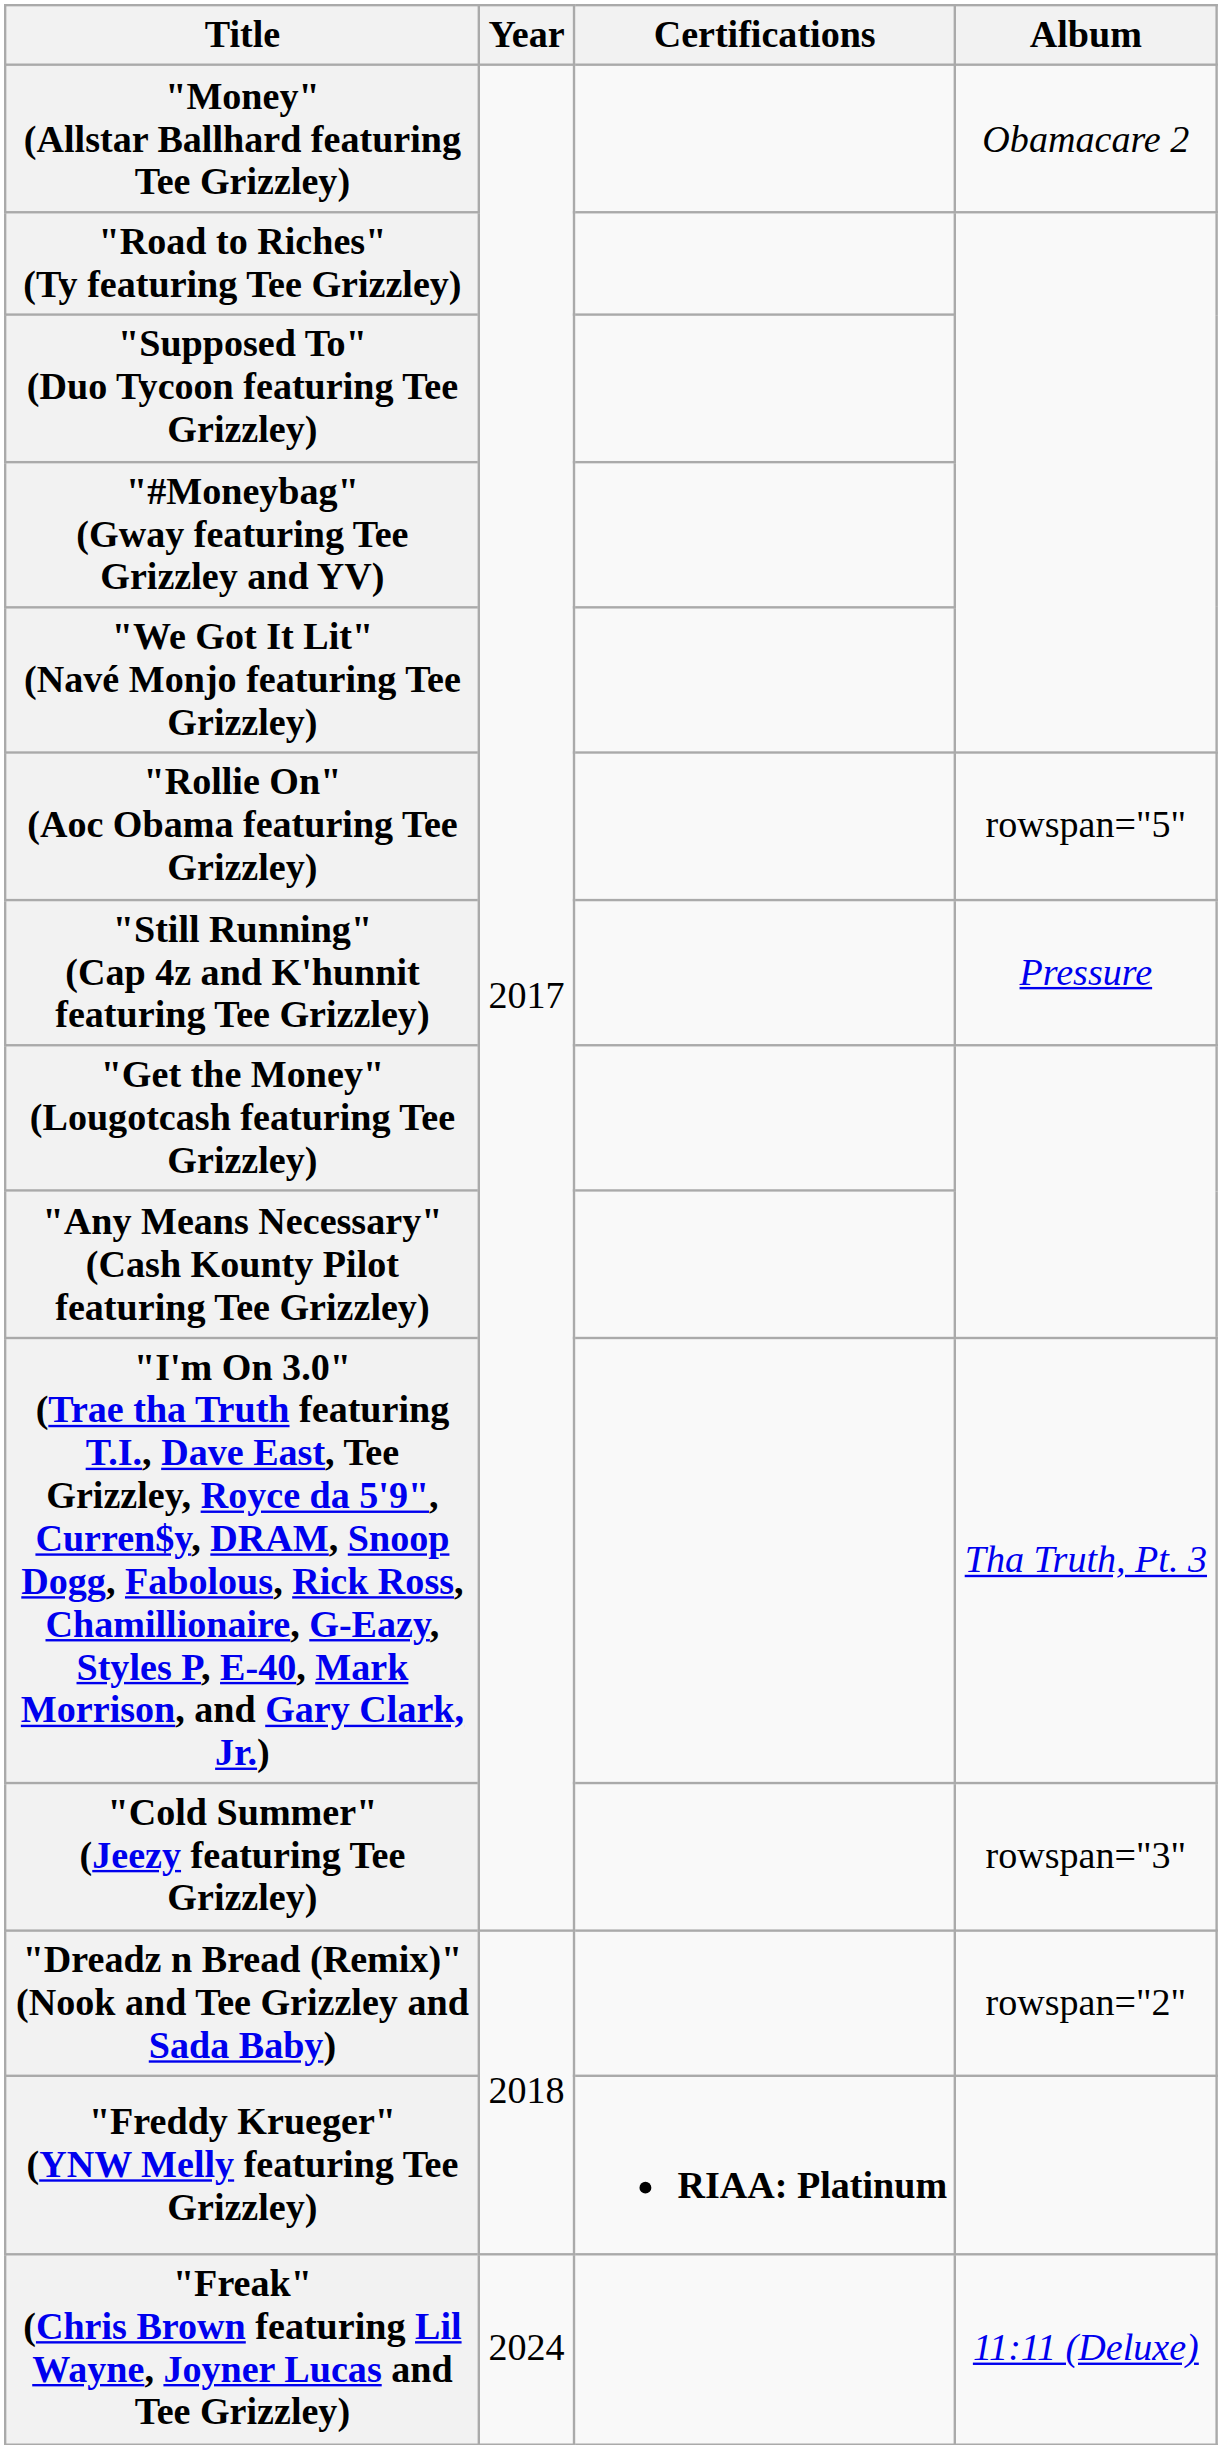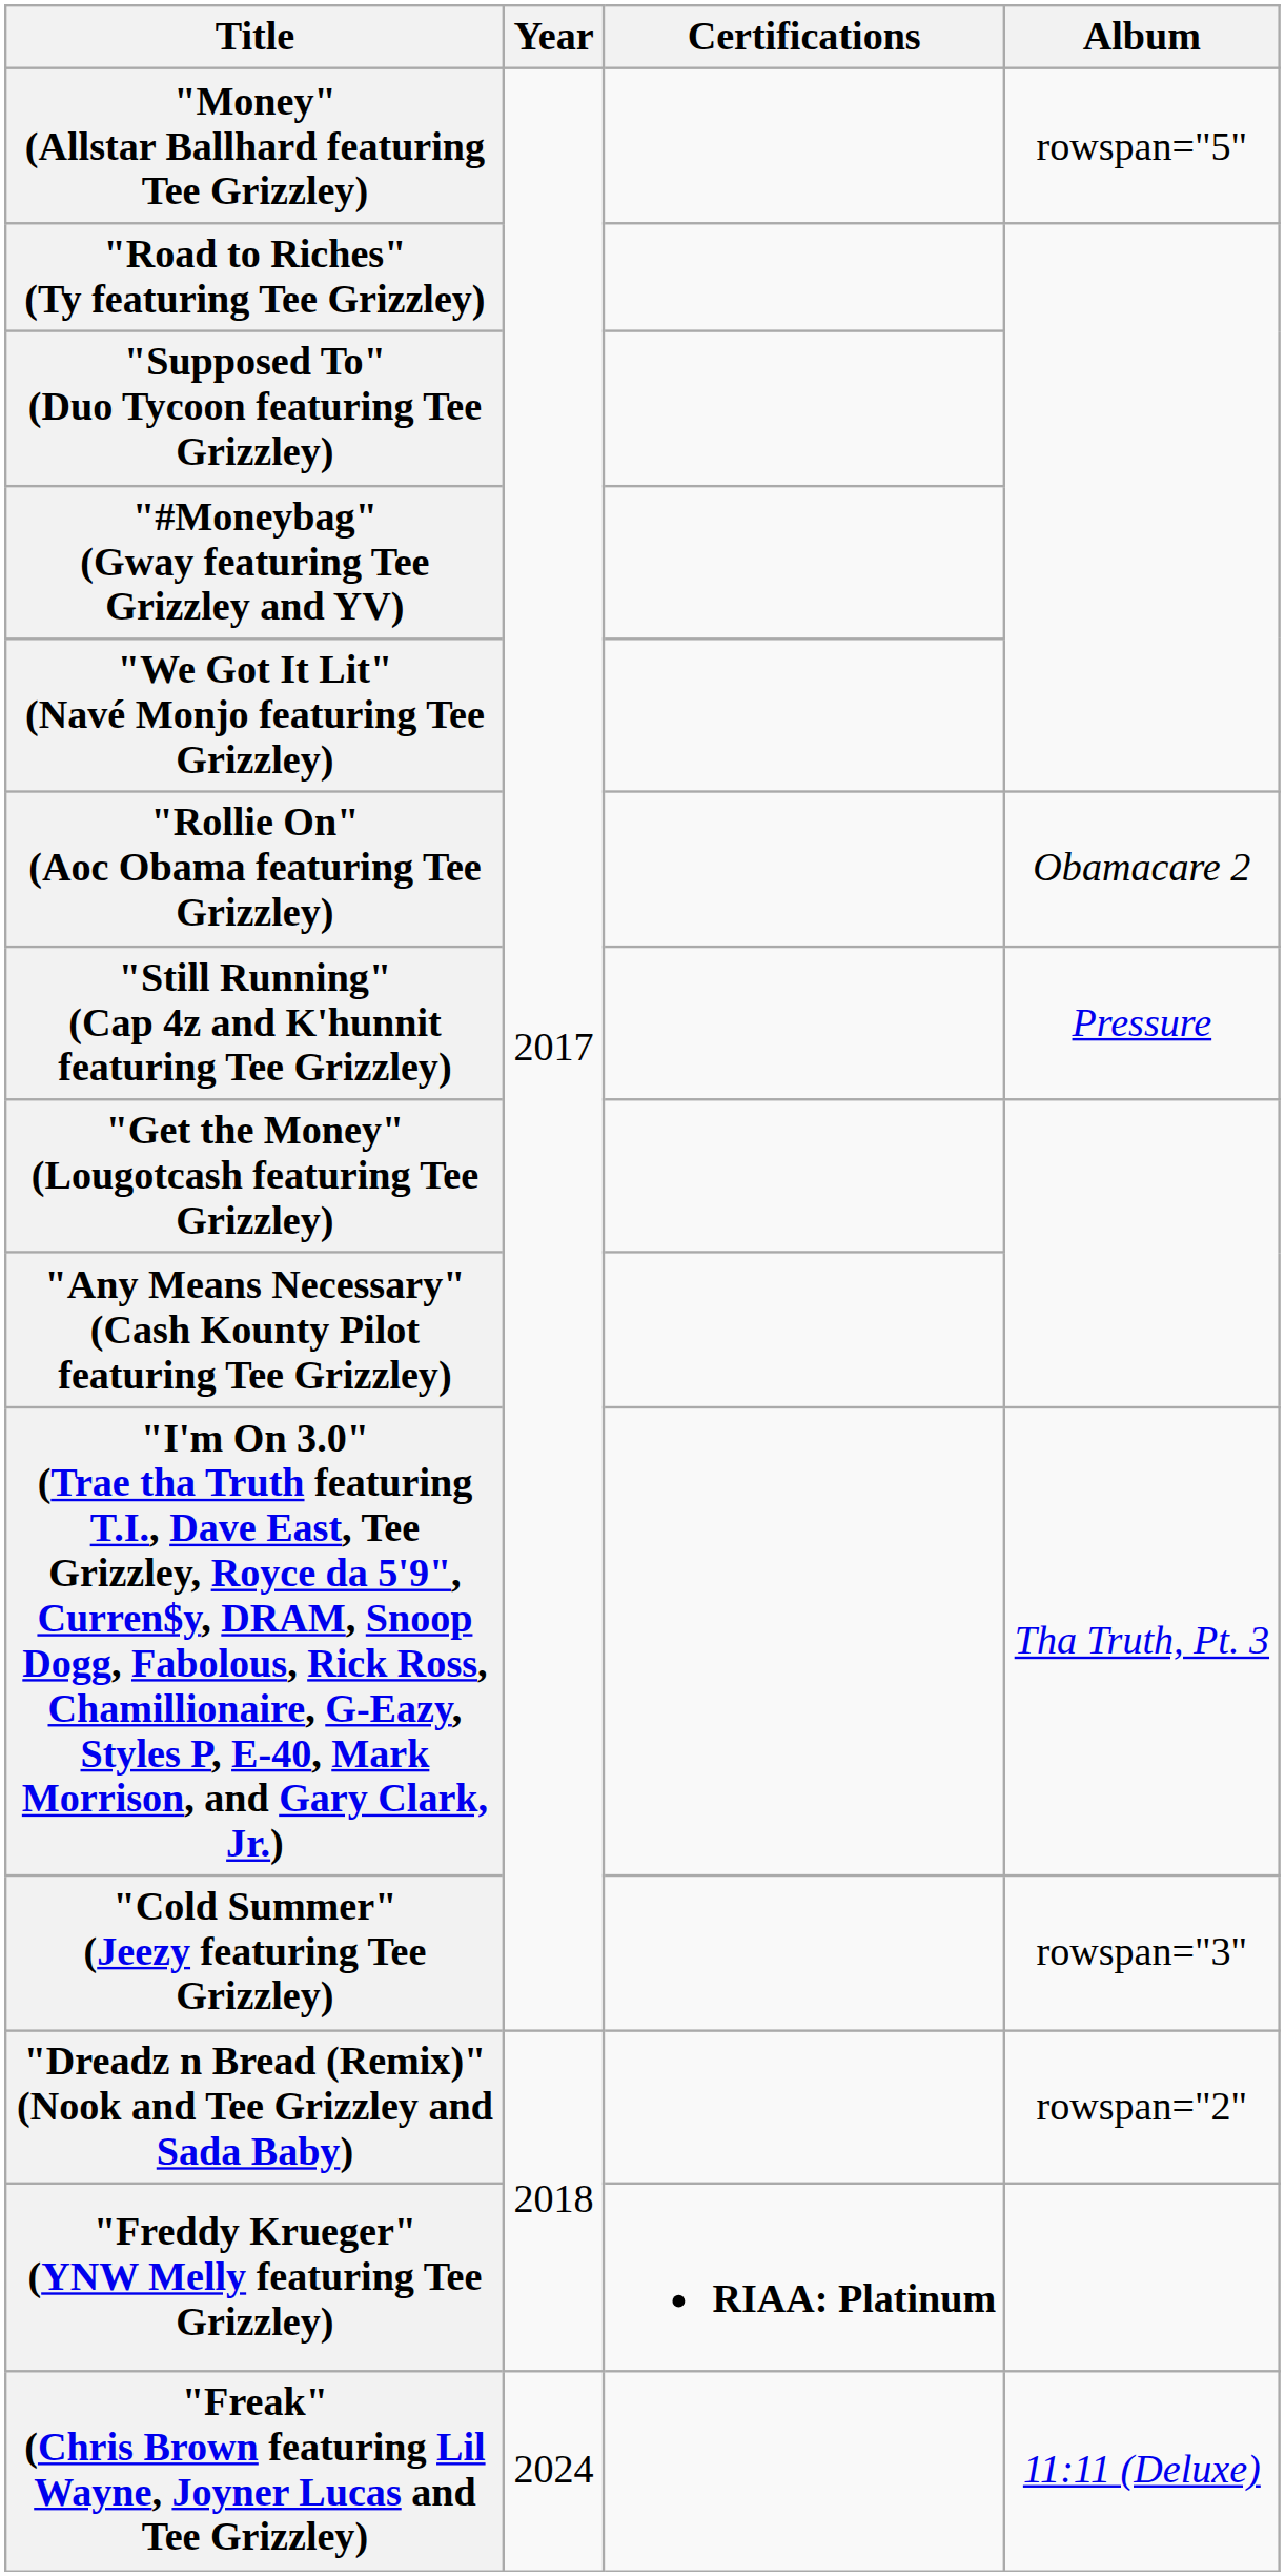 <table class="wikitable plainrowheaders" style="text-align:center;">
 <tr>
 <th scope="col" style="width:12em;">Title</th>
 <th scope="col" style="width:2em;">Year</th>
 <th scope="col">Certifications</th>
 <th scope="col">Album</th>
 </tr>
 <tr>
 <th scope="row">"Money"<br><span>(Allstar Ballhard featuring Tee Grizzley)</span></th>
 <td rowspan="11">2017</td>
 <td></td>
-<td><em>Obamacare 2</em></td>
+<td>rowspan="5" </td>
 </tr>
 <tr>
 <th scope="row">"Road to Riches"<br><span>(Ty featuring Tee Grizzley)</span></th>
 <td></td>
 </tr>
 <tr>
 <th scope="row">"Supposed To"<br><span>(Duo Tycoon featuring Tee Grizzley)</span></th>
 <td></td>
 </tr>
 <tr>
 <th scope="row">"#Moneybag"<br><span>(Gway featuring Tee Grizzley and YV)</span></th>
 <td></td>
 </tr>
 <tr>
 <th scope="row">"We Got It Lit"<br><span>(Navé Monjo featuring Tee Grizzley)</span></th>
 <td></td>
 </tr>
 <tr>
 <th scope="row">"Rollie On"<br><span>(Aoc Obama featuring Tee Grizzley)</span></th>
 <td></td>
-<td>rowspan="5" </td>
+<td><em>Obamacare 2</em></td>
 </tr>
 <tr>
 <th scope="row">"Still Running"<br><span>(Cap 4z and K'hunnit featuring Tee Grizzley)</span></th>
 <td></td>
 <td><em><a href='#'>Pressure</a></em></td>
 </tr>
 <tr>
 <th scope="row">"Get the Money"<br><span>(Lougotcash featuring Tee Grizzley)</span></th>
 <td></td>
 </tr>
 <tr>
 <th scope="row">"Any Means Necessary"<br><span>(Cash Kounty Pilot featuring Tee Grizzley)</span></th>
 <td></td>
 </tr>
 <tr>
 <th scope="row">"I'm On 3.0"<br><span>(<a href='#'>Trae tha Truth</a> featuring <a href='#'>T.I.</a>, <a href='#'>Dave East</a>, Tee Grizzley, <a href='#'>Royce da 5'9"</a>, <a href='#'>Curren$y</a>, <a href='#'>DRAM</a>, <a href='#'>Snoop Dogg</a>, <a href='#'>Fabolous</a>, <a href='#'>Rick Ross</a>, <a href='#'>Chamillionaire</a>, <a href='#'>G-Eazy</a>, <a href='#'>Styles P</a>, <a href='#'>E-40</a>, <a href='#'>Mark Morrison</a>, and <a href='#'>Gary Clark, Jr.</a>)</span></th>
 <td></td>
 <td><em><a href='#'>Tha Truth, Pt. 3</a></em></td>
 </tr>
 <tr>
 <th scope="row">"Cold Summer"<br><span>(<a href='#'>Jeezy</a> featuring Tee Grizzley)</span></th>
 <td></td>
 <td>rowspan="3" </td>
 </tr>
 <tr>
 <th scope="row">"Dreadz n Bread (Remix)"<br><span>(Nook and Tee Grizzley and <a href='#'>Sada Baby</a>)</span></th>
 <td rowspan="2">2018</td>
 <td></td>
 <td>rowspan="2" </td>
 </tr>
 <tr>
 <th scope="row">"Freddy Krueger" <br><span>(<a href='#'>YNW Melly</a> featuring Tee Grizzley)</span></th>
 <td><strong><br><ul><li>RIAA: Platinum</li></ul></strong></td>
 </tr>
 <tr>
 <th scope="row">"Freak" <br><span>(<a href='#'>Chris Brown</a> featuring <a href='#'>Lil Wayne</a>, <a href='#'>Joyner Lucas</a> and Tee Grizzley)</span></th>
 <td>2024</td>
 <td></td>
 <td><em><a href='#'>11:11 (Deluxe)</a></em></td>
 </tr>
 </table>
